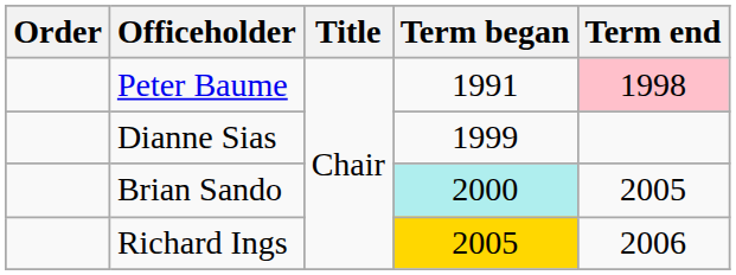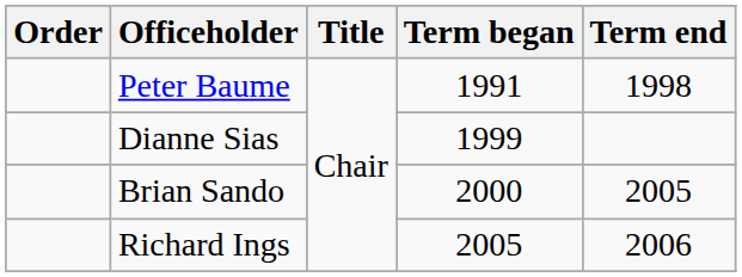 <table class="wikitable" width="auto" style="text-align: center">
 <tr>
 <th>Order</th>
 <th>Officeholder</th>
 <th>Title</th>
 <th>Term began</th>
 <th>Term end</th>
 </tr>
 <tr>
 <td></td>
 <td align=left><a href='#'>Peter Baume</a> </td>
 <td align=left rowspan=4>Chair</td>
 <td>1991</td>
-<td style="background: pink;">1998</td>
+<td>1998</td>
 </tr>
 <tr>
 <td></td>
 <td align=left>Dianne Sias</td>
 <td>1999</td>
 <td></td>
 </tr>
 <tr>
 <td></td>
 <td align=left>Brian Sando</td>
-<td style="background: paleturquoise;">2000</td>
+<td>2000</td>
 <td>2005</td>
 </tr>
 <tr>
 <td></td>
 <td align=left>Richard Ings</td>
-<td style="background: gold;">2005</td>
+<td>2005</td>
 <td>2006</td>
 </tr>
 </table>
